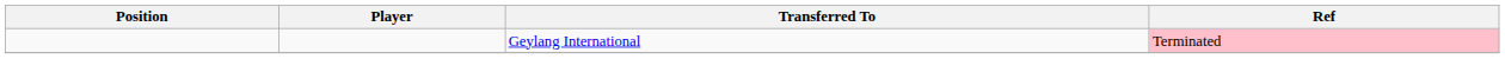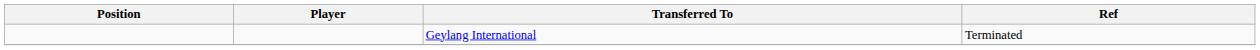 <table class="wikitable sortable" style="width:100%; text-align:center; font-size:100%; text-align:left;">
 <tr>
 <th><strong>Position</strong></th>
 <th><strong>Player</strong></th>
 <th><strong>Transferred To</strong></th>
 <th><strong>Ref</strong></th>
 </tr>
 <tr>
 <td></td>
 <td></td>
 <td> <a href='#'>Geylang International</a></td>
-<td style="background: pink;">Terminated  </td>
+<td>Terminated  </td>
 </tr>
 <tr>
 </tr>
 </table>
